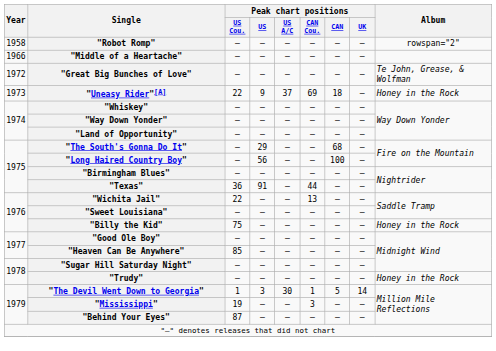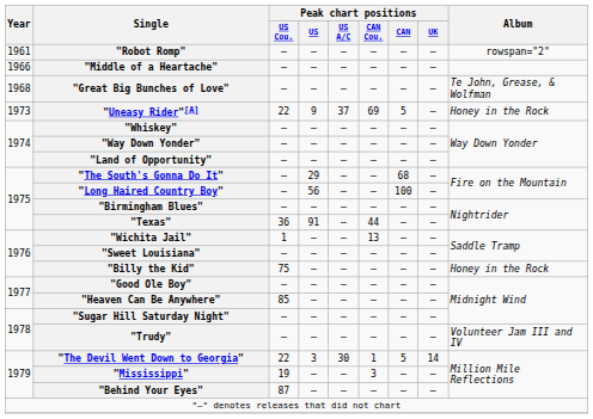 <table class="wikitable plainrowheaders" style="text-align:center;">
 <tr>
 <th rowspan="2">Year</th>
 <th rowspan="2" style="width:24em;">Single</th>
 <th colspan="6">Peak chart positions</th>
 <th rowspan="2" style="width:14em;">Album</th>
 </tr>
 <tr style="font-size:smaller;">
 <th width="35"><a href='#'>US Cou.</a><br></th>
 <th width="35"><a href='#'>US</a><br></th>
 <th width="35"><a href='#'>US A/C</a><br></th>
 <th width="35"><a href='#'>CAN Cou.</a><br></th>
 <th width="35"><a href='#'>CAN</a><br></th>
 <th width="35"><a href='#'>UK</a><br></th>
 </tr>
 <tr>
-<td>1958</td>
+<td>1961</td>
 <th scope="row">"Robot Romp"</th>
 <td>—</td>
 <td>—</td>
 <td>—</td>
 <td>—</td>
 <td>—</td>
 <td>—</td>
 <td>rowspan="2" </td>
 </tr>
 <tr>
 <td>1966</td>
 <th scope="row">"Middle of a Heartache"</th>
 <td>—</td>
 <td>—</td>
 <td>—</td>
 <td>—</td>
 <td>—</td>
 <td>—</td>
 </tr>
 <tr>
-<td>1972</td>
+<td>1968</td>
 <th scope="row">"Great Big Bunches of Love"</th>
 <td>—</td>
 <td>—</td>
 <td>—</td>
 <td>—</td>
 <td>—</td>
 <td>—</td>
 <td align="left"><em>Te John, Grease, & Wolfman</em></td>
 </tr>
 <tr>
 <td>1973</td>
 <th scope="row">"<a href='#'>Uneasy Rider</a>"<sup><span></span><a href='#'><strong>[A]</strong></a></sup></th>
 <td>22</td>
 <td>9</td>
 <td>37</td>
 <td>69</td>
-<td>18</td>
+<td>5</td>
 <td>—</td>
 <td align="left"><em>Honey in the Rock</em></td>
 </tr>
 <tr>
 <td rowspan="3">1974</td>
 <th scope="row">"Whiskey"</th>
 <td>—</td>
 <td>—</td>
 <td>—</td>
 <td>—</td>
 <td>—</td>
 <td>—</td>
 <td align="left" rowspan="3"><em>Way Down Yonder</em></td>
 </tr>
 <tr>
 <th scope="row">"Way Down Yonder"</th>
 <td>—</td>
 <td>—</td>
 <td>—</td>
 <td>—</td>
 <td>—</td>
 <td>—</td>
 </tr>
 <tr>
 <th scope="row">"Land of Opportunity"</th>
 <td>—</td>
 <td>—</td>
 <td>—</td>
 <td>—</td>
 <td>—</td>
 <td>—</td>
 </tr>
 <tr>
 <td rowspan="4">1975</td>
 <th scope="row">"<a href='#'>The South's Gonna Do It</a>"</th>
 <td>—</td>
 <td>29</td>
 <td>—</td>
 <td>—</td>
 <td>68</td>
 <td>—</td>
 <td align="left" rowspan="2"><em>Fire on the Mountain</em></td>
 </tr>
 <tr>
 <th scope="row">"<a href='#'>Long Haired Country Boy</a>"</th>
 <td>—</td>
 <td>56</td>
 <td>—</td>
 <td>—</td>
 <td>100</td>
 <td>—</td>
 </tr>
 <tr>
 <th scope="row">"Birmingham Blues"</th>
 <td>—</td>
 <td>—</td>
 <td>—</td>
 <td>—</td>
 <td>—</td>
 <td>—</td>
 <td align="left" rowspan="2"><em>Nightrider</em></td>
 </tr>
 <tr>
 <th scope="row">"Texas"</th>
 <td>36</td>
 <td>91</td>
 <td>—</td>
 <td>44</td>
 <td>—</td>
 <td>—</td>
 </tr>
 <tr>
 <td rowspan="3">1976</td>
 <th scope="row">"Wichita Jail"</th>
-<td>22</td>
+<td>1</td>
 <td>—</td>
 <td>—</td>
 <td>13</td>
 <td>—</td>
 <td>—</td>
 <td align="left" rowspan="2"><em>Saddle Tramp</em></td>
 </tr>
 <tr>
 <th scope="row">"Sweet Louisiana"</th>
 <td>—</td>
 <td>—</td>
 <td>—</td>
 <td>—</td>
 <td>—</td>
 <td>—</td>
 </tr>
 <tr>
 <th scope="row">"Billy the Kid"</th>
 <td>75</td>
 <td>—</td>
 <td>—</td>
 <td>—</td>
 <td>—</td>
 <td>—</td>
 <td align="left"><em>Honey in the Rock</em></td>
 </tr>
 <tr>
 <td rowspan="2">1977</td>
 <th scope="row">"Good Ole Boy"</th>
 <td>—</td>
 <td>—</td>
 <td>—</td>
 <td>—</td>
 <td>—</td>
 <td>—</td>
 <td align="left" rowspan="3"><em>Midnight Wind</em></td>
 </tr>
 <tr>
 <th scope="row">"Heaven Can Be Anywhere"</th>
 <td>85</td>
 <td>—</td>
 <td>—</td>
 <td>—</td>
 <td>—</td>
 <td>—</td>
 </tr>
 <tr>
 <td rowspan="2">1978</td>
 <th scope="row">"Sugar Hill Saturday Night"</th>
 <td>—</td>
 <td>—</td>
 <td>—</td>
 <td>—</td>
 <td>—</td>
 <td>—</td>
 </tr>
 <tr>
 <th scope="row">"Trudy"</th>
 <td>—</td>
 <td>—</td>
 <td>—</td>
 <td>—</td>
 <td>—</td>
 <td>—</td>
-<td align="left"><em>Honey in the Rock</em></td>
+<td align="left"><em>Volunteer Jam III and IV</em></td>
 </tr>
 <tr>
 <td rowspan="3">1979</td>
 <th scope="row">"<a href='#'>The Devil Went Down to Georgia</a>"</th>
-<td>1</td>
+<td>22</td>
 <td>3</td>
 <td>30</td>
 <td>1</td>
 <td>5</td>
 <td>14</td>
 <td align="left" rowspan="3"><em>Million Mile Reflections</em></td>
 </tr>
 <tr>
 <th scope="row">"<a href='#'>Mississippi</a>"</th>
 <td>19</td>
 <td>—</td>
 <td>—</td>
 <td>3</td>
 <td>—</td>
 <td>—</td>
 </tr>
 <tr>
 <th scope="row">"Behind Your Eyes"</th>
 <td>87</td>
 <td>—</td>
 <td>—</td>
 <td>—</td>
 <td>—</td>
 <td>—</td>
 </tr>
 <tr>
 <td colspan="9" style="font-size:9pt">"—" denotes releases that did not chart</td>
 </tr>
 <tr>
 </tr>
 </table>
